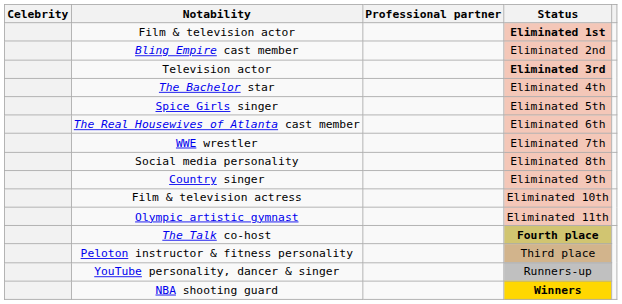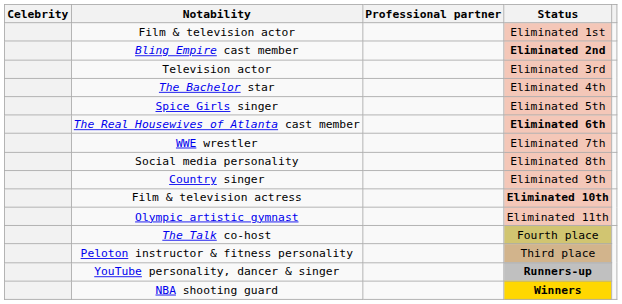 <table class="wikitable sortable" style="text-align:center;">
 <tr>
 <th scope="col">Celebrity</th>
 <th scope="col" class="unsortable">Notability</th>
 <th scope="col">Professional partner</th>
 <th scope="col">Status</th>
 <th scope="col" class="unsortable"></th>
 </tr>
 <tr>
 <th scope="row"></th>
 <td>Film & television actor</td>
 <td></td>
-<td style="background:#f4c7b8"><strong>Eliminated 1st<br></strong></td>
+<td style="background:#f4c7b8">Eliminated 1st<br></td>
 <td></td>
 </tr>
 <tr>
 <th scope="row"></th>
 <td><em><a href='#'>Bling Empire</a></em> cast member</td>
 <td></td>
-<td style="background:#f4c7b8">Eliminated 2nd<br></td>
+<td style="background:#f4c7b8"><strong>Eliminated 2nd<br></strong></td>
 <td></td>
 </tr>
 <tr>
 <th scope="row"></th>
 <td>Television actor</td>
 <td></td>
-<td style="background:#f4c7b8"><strong>Eliminated 3rd<br></strong></td>
+<td style="background:#f4c7b8">Eliminated 3rd<br></td>
 <td rowspan=2></td>
 </tr>
 <tr>
 <th scope="row"></th>
 <td><em><a href='#'>The Bachelor</a></em> star</td>
 <td></td>
 <td style="background:#f4c7b8">Eliminated 4th<br></td>
 </tr>
 <tr>
 <th scope="row"></th>
 <td><a href='#'>Spice Girls</a> singer</td>
 <td></td>
 <td style="background:#f4c7b8">Eliminated 5th<br></td>
 <td></td>
 </tr>
 <tr>
 <th scope="row"></th>
 <td><em><a href='#'>The Real Housewives of Atlanta</a></em> cast member</td>
 <td></td>
-<td style="background:#f4c7b8">Eliminated 6th<br></td>
+<td style="background:#f4c7b8"><strong>Eliminated 6th<br></strong></td>
 <td></td>
 </tr>
 <tr>
 <th scope="row"></th>
 <td><a href='#'>WWE</a> wrestler</td>
 <td></td>
 <td style="background:#f4c7b8">Eliminated 7th<br></td>
 <td></td>
 </tr>
 <tr>
 <th scope="row"></th>
 <td>Social media personality</td>
 <td></td>
 <td style="background:#f4c7b8">Eliminated 8th<br></td>
 <td rowspan=2></td>
 </tr>
 <tr>
 <th scope="row"></th>
 <td><a href='#'>Country</a> singer</td>
 <td></td>
 <td style="background:#f4c7b8">Eliminated 9th<br></td>
 </tr>
 <tr>
 <th scope="row"></th>
 <td>Film & television actress</td>
 <td></td>
-<td style="background:#f4c7b8">Eliminated 10th<br></td>
+<td style="background:#f4c7b8"><strong>Eliminated 10th<br></strong></td>
 <td rowspan=2></td>
 </tr>
 <tr>
 <th scope="row"></th>
 <td><a href='#'>Olympic artistic gymnast</a></td>
 <td></td>
 <td style="background:#f4c7b8">Eliminated 11th<br></td>
 </tr>
 <tr>
 <th scope="row"></th>
 <td><em><a href='#'>The Talk</a></em> co-host</td>
 <td></td>
-<td style="background:#d1c571"><strong>Fourth place<br></strong></td>
+<td style="background:#d1c571">Fourth place<br></td>
 <td rowspan=4></td>
 </tr>
 <tr>
 <th scope="row"></th>
 <td><a href='#'>Peloton</a> instructor & fitness personality</td>
 <td></td>
 <td style="background:tan">Third place<br></td>
 </tr>
 <tr>
 <th scope="row"></th>
 <td><a href='#'>YouTube</a> personality, dancer & singer</td>
 <td></td>
-<td style="background:silver">Runners-up<br></td>
+<td style="background:silver"><strong>Runners-up<br></strong></td>
 </tr>
 <tr>
 <th scope="row"></th>
 <td><a href='#'>NBA</a> shooting guard</td>
 <td></td>
 <td style="background:gold"><strong>Winners</strong><br></td>
 </tr>
 </table>
